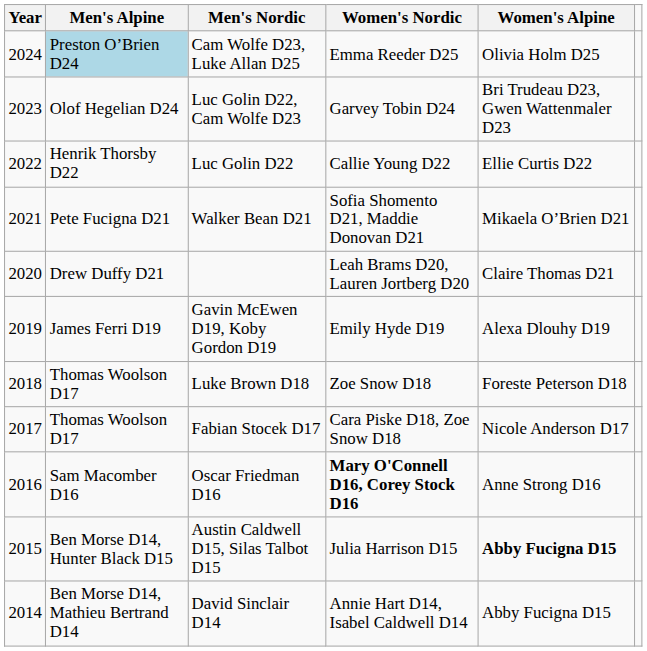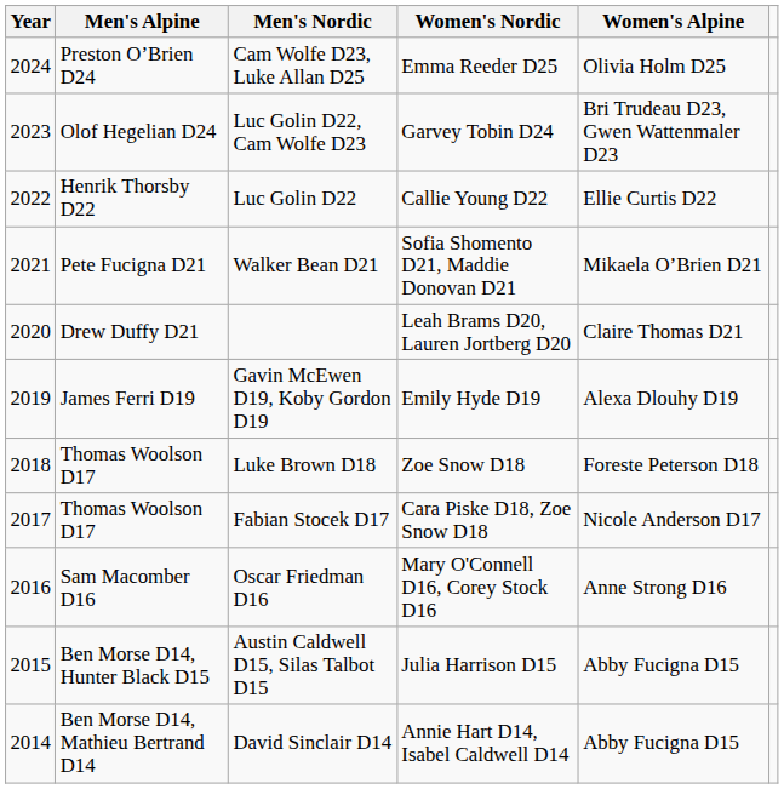 <table class="wikitable sortable">
 <tr>
 <th>Year</th>
 <th>Men's Alpine</th>
 <th>Men's Nordic</th>
 <th>Women's Nordic</th>
 <th>Women's Alpine</th>
 </tr>
 <tr>
 <td>2024</td>
-<td style="background: lightblue;">Preston O’Brien D24</td>
+<td>Preston O’Brien D24</td>
 <td>Cam Wolfe D23, Luke Allan D25</td>
 <td>Emma Reeder D25</td>
 <td>Olivia Holm D25</td>
 <td></td>
 </tr>
 <tr>
 <td>2023</td>
 <td>Olof Hegelian D24</td>
 <td>Luc Golin D22, Cam Wolfe D23</td>
 <td>Garvey Tobin D24</td>
 <td>Bri Trudeau D23, Gwen Wattenmaler D23</td>
 <td></td>
 </tr>
 <tr>
 <td>2022</td>
 <td>Henrik Thorsby D22</td>
 <td>Luc Golin D22</td>
 <td>Callie Young D22</td>
 <td>Ellie Curtis D22</td>
 <td></td>
 </tr>
 <tr>
 <td>2021</td>
 <td>Pete Fucigna D21</td>
 <td>Walker Bean D21</td>
 <td>Sofia Shomento D21, Maddie Donovan D21</td>
 <td>Mikaela O’Brien D21</td>
 <td></td>
 </tr>
 <tr>
 <td>2020</td>
 <td>Drew Duffy D21</td>
 <td></td>
 <td>Leah Brams D20, Lauren Jortberg D20</td>
 <td>Claire Thomas D21</td>
 <td></td>
 </tr>
 <tr>
 <td>2019</td>
 <td>James Ferri D19</td>
 <td>Gavin McEwen D19, Koby Gordon D19</td>
 <td>Emily Hyde D19</td>
 <td>Alexa Dlouhy D19</td>
 <td></td>
 </tr>
 <tr>
 <td>2018</td>
 <td>Thomas Woolson D17</td>
 <td>Luke Brown D18</td>
 <td>Zoe Snow D18</td>
 <td>Foreste Peterson D18</td>
 <td></td>
 </tr>
 <tr>
 <td>2017</td>
 <td>Thomas Woolson D17</td>
 <td>Fabian Stocek D17</td>
 <td>Cara Piske D18, Zoe Snow D18</td>
 <td>Nicole Anderson D17</td>
 <td></td>
 </tr>
 <tr>
 <td>2016</td>
 <td>Sam Macomber D16</td>
 <td>Oscar Friedman D16</td>
-<td><strong>Mary O'Connell D16, Corey Stock D16</strong></td>
+<td>Mary O'Connell D16, Corey Stock D16</td>
 <td>Anne Strong D16</td>
 <td></td>
 </tr>
 <tr>
 <td>2015</td>
 <td>Ben Morse D14, Hunter Black D15</td>
 <td>Austin Caldwell D15, Silas Talbot D15</td>
 <td>Julia Harrison D15</td>
-<td><strong>Abby Fucigna D15</strong></td>
+<td>Abby Fucigna D15</td>
 <td></td>
 </tr>
 <tr>
 <td>2014</td>
 <td>Ben Morse D14, Mathieu Bertrand D14</td>
 <td>David Sinclair D14</td>
 <td>Annie Hart D14, Isabel Caldwell D14</td>
 <td>Abby Fucigna D15</td>
 <td></td>
 </tr>
 </table>
